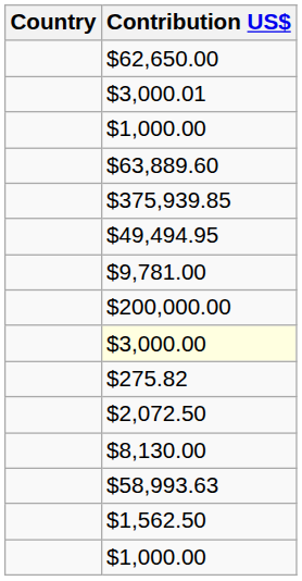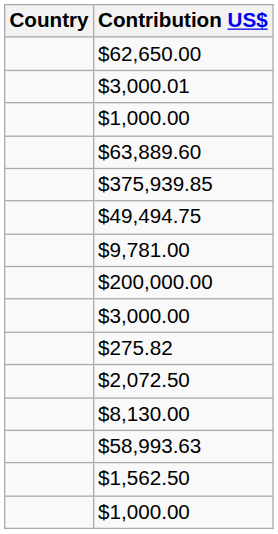 <table class="wikitable sortable">
 <tr>
 <th>Country</th>
 <th>Contribution <a href='#'>US$</a></th>
 </tr>
 <tr>
 <td></td>
 <td>$62,650.00</td>
 </tr>
 <tr>
 <td></td>
 <td>$3,000.01</td>
 </tr>
 <tr>
 <td></td>
 <td>$1,000.00</td>
 </tr>
 <tr>
 <td></td>
 <td>$63,889.60</td>
 </tr>
 <tr>
 <td></td>
 <td>$375,939.85</td>
 </tr>
 <tr>
 <td></td>
-<td>$49,494.95</td>
+<td>$49,494.75</td>
 </tr>
 <tr>
 <td></td>
 <td>$9,781.00</td>
 </tr>
 <tr>
 <td></td>
 <td>$200,000.00</td>
 </tr>
 <tr>
 <td></td>
-<td style="background: lightyellow;">$3,000.00</td>
+<td>$3,000.00</td>
 </tr>
 <tr>
 <td></td>
 <td>$275.82</td>
 </tr>
 <tr>
 <td></td>
 <td>$2,072.50</td>
 </tr>
 <tr>
 <td></td>
 <td>$8,130.00</td>
 </tr>
 <tr>
 <td></td>
 <td>$58,993.63</td>
 </tr>
 <tr>
 <td></td>
 <td>$1,562.50</td>
 </tr>
 <tr>
 <td></td>
 <td>$1,000.00</td>
 </tr>
 </table>
